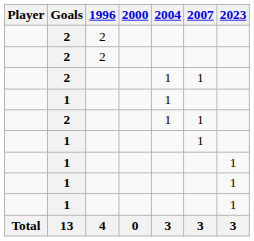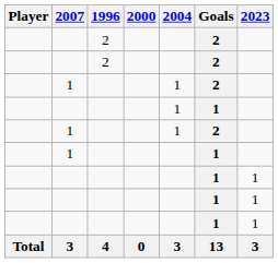 <table class="wikitable sortable" style="text-align:center;">
 <tr>
 <th>Player</th>
-<th>Goals</th>
+<th><a href='#'>2007</a></th>
 <th><a href='#'>1996</a></th>
 <th><a href='#'>2000</a></th>
 <th><a href='#'>2004</a></th>
-<th><a href='#'>2007</a></th>
+<th>Goals</th>
 <th><a href='#'>2023</a></th>
 </tr>
 <tr>
 <td align="left"></td>
+<td></td>
+<td>2</td>
+<td></td>
+<td></td>
 <th>2</th>
+<td></td>
+</tr>
+<tr>
+<td align="left"></td>
+<td></td>
 <td>2</td>
+<td></td>
+<td></td>
+<th>2</th>
+<td></td>
+</tr>
+<tr>
+<td align="left"></td>
+<td>1</td>
+<td></td>
+<td></td>
+<td>1</td>
+<th>2</th>
+<td></td>
+</tr>
+<tr>
+<td align="left"></td>
+<td></td>
+<td></td>
+<td></td>
+<td>1</td>
+<th>1</th>
+<td></td>
+</tr>
+<tr>
+<td align="left"></td>
+<td>1</td>
+<td></td>
+<td></td>
+<td>1</td>
+<th>2</th>
+<td></td>
+</tr>
+<tr>
+<td align="left"></td>
+<td>1</td>
+<td></td>
+<td></td>
+<td></td>
+<th>1</th>
+<td></td>
+</tr>
+<tr>
+<td align="left"></td>
 <td></td>
 <td></td>
 <td></td>
 <td></td>
+<th>1</th>
+<td>1</td>
 </tr>
 <tr>
 <td align="left"></td>
-<th>2</th>
-<td>2</td>
 <td></td>
 <td></td>
 <td></td>
 <td></td>
+<th>1</th>
+<td>1</td>
 </tr>
 <tr>
 <td align="left"></td>
-<th>2</th>
-<td></td>
-<td></td>
-<td>1</td>
-<td>1</td>
-<td></td>
-</tr>
-<tr>
-<td align="left"></td>
-<th>1</th>
-<td></td>
-<td></td>
-<td>1</td>
-<td></td>
-<td></td>
-</tr>
-<tr>
-<td align="left"></td>
-<th>2</th>
-<td></td>
-<td></td>
-<td>1</td>
-<td>1</td>
-<td></td>
-</tr>
-<tr>
-<td align="left"></td>
-<th>1</th>
-<td></td>
-<td></td>
-<td></td>
-<td>1</td>
-<td></td>
-</tr>
-<tr>
-<td align="left"></td>
-<th>1</th>
 <td></td>
 <td></td>
 <td></td>
 <td></td>
-<td>1</td>
-</tr>
-<tr>
-<td align="left"></td>
 <th>1</th>
-<td></td>
-<td></td>
-<td></td>
-<td></td>
-<td>1</td>
-</tr>
-<tr>
-<td align="left"></td>
-<th>1</th>
-<td></td>
-<td></td>
-<td></td>
-<td></td>
 <td>1</td>
 </tr>
 <tr class="sortbottom">
 <th>Total</th>
-<th>13</th>
+<th>3</th>
 <th>4</th>
 <th>0</th>
 <th>3</th>
-<th>3</th>
+<th>13</th>
 <th>3</th>
 </tr>
 </table>
